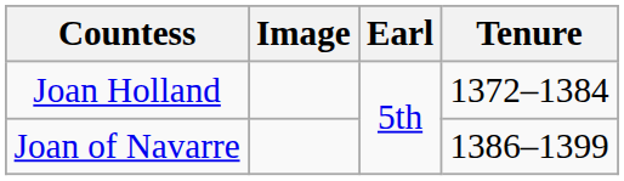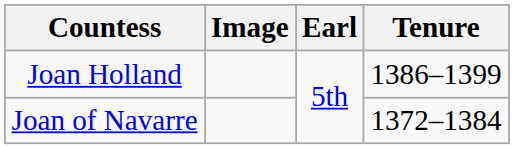 <table class="wikitable" style="text-align:center">
 <tr>
 <th>Countess</th>
 <th>Image</th>
 <th>Earl</th>
 <th>Tenure</th>
 </tr>
 <tr>
 <td><a href='#'>Joan Holland</a></td>
 <td></td>
 <td rowspan=2><a href='#'>5th</a></td>
-<td>1372–1384</td>
+<td>1386–1399</td>
 </tr>
 <tr>
 <td><a href='#'>Joan of Navarre</a></td>
 <td></td>
-<td>1386–1399</td>
+<td>1372–1384</td>
 </tr>
 </table>
